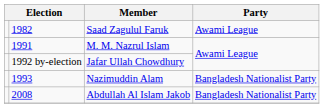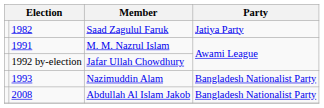 <table class="wikitable">
 <tr>
 <th colspan="2">Election</th>
 <th>Member</th>
 <th>Party</th>
 </tr>
 <tr>
 <td style="background-color:"></td>
 <td><a href='#'>1982</a></td>
 <td><a href='#'>Saad Zagulul Faruk</a></td>
-<td><a href='#'>Awami League</a></td>
+<td><a href='#'>Jatiya Party</a></td>
 </tr>
 <tr>
 <td style="background-color:"></td>
 <td><a href='#'>1991</a></td>
 <td><a href='#'>M. M. Nazrul Islam</a></td>
 <td rowspan="2"><a href='#'>Awami League</a></td>
 </tr>
 <tr>
 <td style="background-color:"></td>
 <td>1992 by-election</td>
 <td><a href='#'>Jafar Ullah Chowdhury</a></td>
 </tr>
 <tr>
 <td style="background-color:"></td>
 <td><a href='#'>1993</a></td>
 <td><a href='#'>Nazimuddin Alam</a></td>
 <td><a href='#'>Bangladesh Nationalist Party</a></td>
 </tr>
 <tr>
 <td style="background-color:"></td>
 <td><a href='#'>2008</a></td>
 <td><a href='#'>Abdullah Al Islam Jakob</a></td>
 <td><a href='#'>Bangladesh Nationalist Party</a></td>
 </tr>
 <tr>
 </tr>
 </table>
